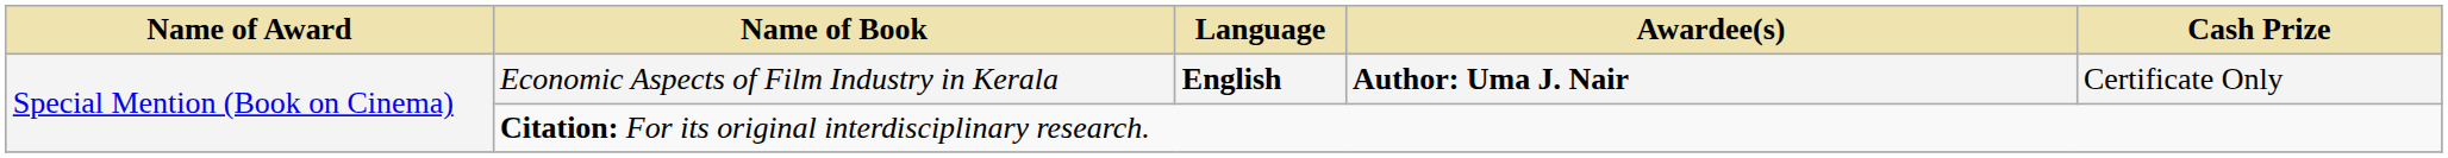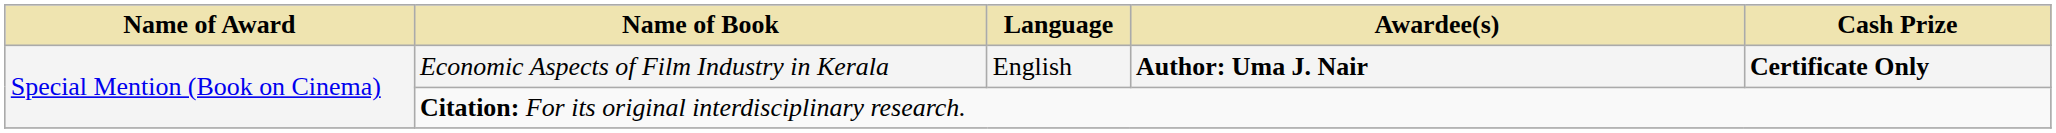 <table class="wikitable" style="width:100%;">
 <tr style="background-color:#F4F4F4">
 <th style="background-color:#EFE4B0;width:20%;">Name of Award</th>
 <th style="background-color:#EFE4B0;width:28%;">Name of Book</th>
 <th style="background-color:#EFE4B0;width:7%;">Language</th>
 <th style="background-color:#EFE4B0;width:30%;">Awardee(s)</th>
 <th style="background-color:#EFE4B0;width:15%;">Cash Prize</th>
 </tr>
 <tr style="background-color:#F4F4F4">
 <td rowspan="2"><a href='#'>Special Mention (Book on Cinema)</a></td>
 <td><em>Economic Aspects of Film Industry in Kerala</em></td>
-<td><strong>English</strong></td>
+<td>English</td>
 <td><strong>Author: Uma J. Nair</strong></td>
-<td>Certificate Only</td>
+<td><strong>Certificate Only</strong></td>
 </tr>
 <tr style="background-color:#F9F9F9">
 <td colspan="4"><strong>Citation:</strong> <em>For its original interdisciplinary research.</em></td>
 </tr>
 </table>
